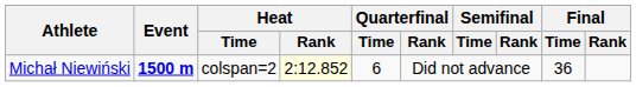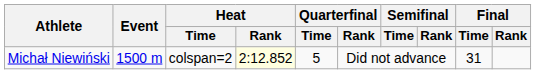 <table class="wikitable" style="font-size:90%; text-align:center">
 <tr>
 <th rowspan=2>Athlete</th>
 <th rowspan=2>Event</th>
 <th colspan=2>Heat</th>
 <th colspan=2>Quarterfinal</th>
 <th colspan=2>Semifinal</th>
 <th colspan=2>Final</th>
 </tr>
 <tr style="font-size:95%">
 <th>Time</th>
 <th>Rank</th>
 <th>Time</th>
 <th>Rank</th>
 <th>Time</th>
 <th>Rank</th>
 <th>Time</th>
 <th>Rank</th>
 </tr>
 <tr>
 <td align=left><a href='#'>Michał Niewiński</a></td>
-<td><strong><a href='#'>1500 m</a></strong></td>
+<td><a href='#'>1500 m</a></td>
 <td>colspan=2 </td>
 <td style="background: lightyellow;">2:12.852</td>
-<td>6</td>
+<td>5</td>
 <td colspan=3>Did not advance</td>
-<td>36</td>
+<td>31</td>
 </tr>
 </table>
